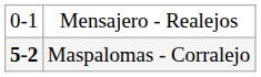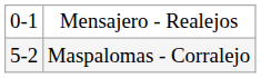 <table class="wikitable">
 <tr align=center bgcolor=white>
 <td>0-1</td>
 <td>Mensajero - Realejos</td>
 </tr>
 <tr align=center bgcolor=#F5F5F5>
-<td><strong>5-2</strong></td>
+<td>5-2</td>
 <td>Maspalomas - Corralejo</td>
 </tr>
 </table>
